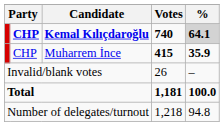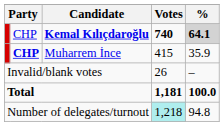 <table class="wikitable">
 <tr>
 </tr>
 <tr>
 <th colspan="2">Party</th>
 <th>Candidate</th>
 <th>Votes</th>
 <th>%</th>
 </tr>
 <tr>
 <td style="background: #d70000"></td>
-<td><strong><a href='#'>CHP</a></strong></td>
+<td><a href='#'>CHP</a></td>
 <td><strong><a href='#'>Kemal Kılıçdaroğlu</a></strong></td>
 <td><strong>740</strong></td>
 <td style="background: lightgrey;"><strong>64.1</strong></td>
 </tr>
 <tr>
 <td style="background: #d70000"></td>
-<td><a href='#'>CHP</a></td>
+<td><strong><a href='#'>CHP</a></strong></td>
 <td><a href='#'>Muharrem İnce</a></td>
-<td><strong>415</strong></td>
-<td><strong>35.9</strong></td>
+<td>415</td>
+<td>35.9</td>
 </tr>
 <tr>
 <td colspan="3">Invalid/blank votes</td>
 <td>26</td>
 <td>–</td>
 </tr>
 <tr>
 <td colspan="3"><strong>Total</strong></td>
 <td><strong>1,181</strong></td>
 <td><strong>100.0</strong></td>
 </tr>
 <tr>
 <td colspan="3">Number of delegates/turnout</td>
-<td>1,218</td>
+<td style="background: paleturquoise;">1,218</td>
 <td>94.8</td>
 </tr>
 </table>
